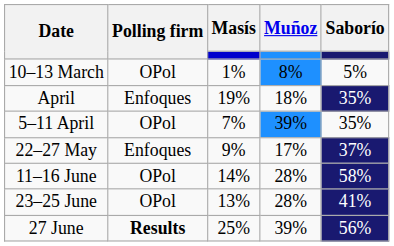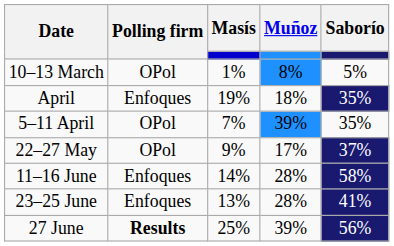 <table class="wikitable" style="text-align:center; font-size:100%; line-height:16px">
 <tr style="height:42px;">
 <th rowspan=2 class="unsortable">Date</th>
 <th rowspan=2>Polling firm</th>
 <th>Masís</th>
 <th><a href='#'>Muñoz</a></th>
 <th>Saborío</th>
 </tr>
 <tr>
 <td bgcolor=#0000CD></td>
 <td bgcolor=#1E90FF></td>
 <td bgcolor=#191970></td>
 </tr>
 <tr>
 <td><span></span>10–13 March</td>
 <td>OPol</td>
 <td>1%</td>
 <td align="center" style="background:#1E90FF;">8%</td>
 <td>5%</td>
 </tr>
 <tr>
 <td><span></span>April</td>
 <td>Enfoques</td>
 <td>19%</td>
 <td>18%</td>
 <td align="center" style="background:#191970; color:white;">35%</td>
 </tr>
 <tr>
 <td><span></span>5–11 April</td>
 <td>OPol</td>
 <td>7%</td>
 <td align="center" style="background:#1E90FF; ">39%</td>
 <td>35%</td>
 </tr>
 <tr>
 <td><span></span>22–27 May</td>
-<td>Enfoques</td>
+<td>OPol</td>
 <td>9%</td>
 <td>17%</td>
 <td align="center" style="background:#191970; color:white;">37%</td>
 </tr>
 <tr>
 <td><span></span>11–16 June</td>
-<td>OPol</td>
+<td>Enfoques</td>
 <td>14%</td>
 <td>28%</td>
 <td align="center" style="background:#191970; color:white;">58%</td>
 </tr>
 <tr>
 <td><span></span>23–25 June</td>
-<td>OPol</td>
+<td>Enfoques</td>
 <td>13%</td>
 <td>28%</td>
 <td align="center" style="background:#191970; color:white;">41%</td>
 </tr>
 <tr>
 <td><span></span>27 June</td>
 <td><strong>Results</strong></td>
 <td>25%</td>
 <td>39%</td>
 <td align="center" style="background:#191970; color:white;">56%</td>
 </tr>
 </table>
